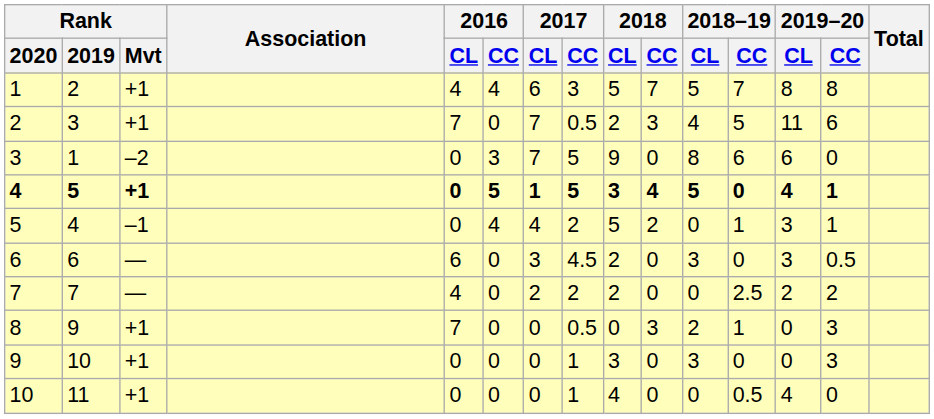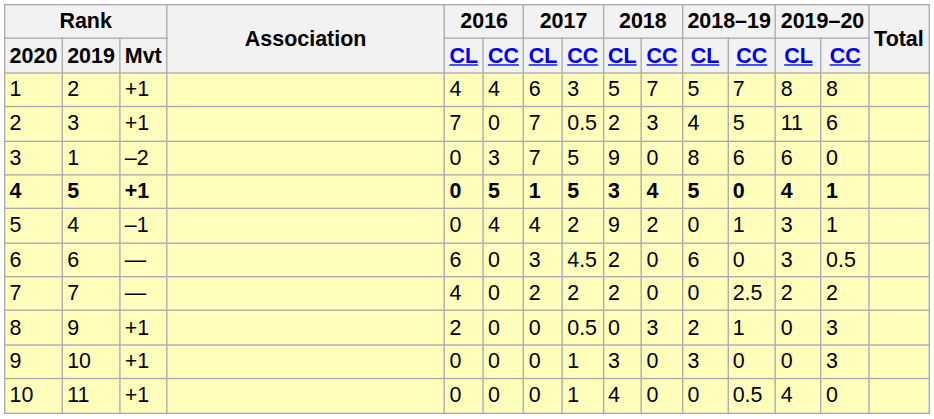 <table class="wikitable">
 <tr>
 <th colspan=3>Rank</th>
 <th rowspan=2 width=200>Association</th>
 <th colspan=2>2016<br></th>
 <th colspan=2>2017<br></th>
 <th colspan=2>2018<br></th>
 <th colspan=2>2018–19<br></th>
 <th colspan=2>2019–20<br></th>
 <th rowspan=2>Total</th>
 </tr>
 <tr>
 <th>2020</th>
 <th>2019</th>
 <th>Mvt</th>
 <th><a href='#'>CL</a></th>
 <th><a href='#'>CC</a></th>
 <th><a href='#'>CL</a></th>
 <th><a href='#'>CC</a></th>
 <th><a href='#'>CL</a></th>
 <th><a href='#'>CC</a></th>
 <th><a href='#'>CL</a></th>
 <th><a href='#'>CC</a></th>
 <th><a href='#'>CL</a></th>
 <th><a href='#'>CC</a></th>
 </tr>
 <tr bgcolor=#FFFFBB>
 <td>1</td>
 <td>2</td>
 <td> +1</td>
 <td align="left"></td>
 <td>4</td>
 <td>4</td>
 <td>6</td>
 <td>3</td>
 <td>5</td>
 <td>7</td>
 <td>5</td>
 <td>7</td>
 <td>8</td>
 <td>8</td>
 <td><strong></strong></td>
 </tr>
 <tr bgcolor=#FFFFBB>
 <td>2</td>
 <td>3</td>
 <td> +1</td>
 <td align=left></td>
 <td>7</td>
 <td>0</td>
 <td>7</td>
 <td>0.5</td>
 <td>2</td>
 <td>3</td>
 <td>4</td>
 <td>5</td>
 <td>11</td>
 <td>6</td>
 <td><strong></strong></td>
 </tr>
 <tr bgcolor=#FFFFBB>
 <td>3</td>
 <td>1</td>
 <td> –2</td>
 <td align="left"></td>
 <td>0</td>
 <td>3</td>
 <td>7</td>
 <td>5</td>
 <td>9</td>
 <td>0</td>
 <td>8</td>
 <td>6</td>
 <td>6</td>
 <td>0</td>
 <td><strong></strong></td>
 </tr>
 <tr bgcolor=#FFFFBB>
 <td><strong>4</strong></td>
 <td><strong>5</strong></td>
 <td><strong> +1</strong></td>
 <td align="left"><strong></strong></td>
 <td><strong>0</strong></td>
 <td><strong>5</strong></td>
 <td><strong>1</strong></td>
 <td><strong>5</strong></td>
 <td><strong>3</strong></td>
 <td><strong>4</strong></td>
 <td><strong>5</strong></td>
 <td><strong>0</strong></td>
 <td><strong>4</strong></td>
 <td><strong>1</strong></td>
 <td><strong></strong></td>
 </tr>
 <tr bgcolor=#FFFFBB>
 <td>5</td>
 <td>4</td>
 <td> –1</td>
 <td align=left></td>
 <td>0</td>
 <td>4</td>
 <td>4</td>
 <td>2</td>
-<td>5</td>
+<td>9</td>
 <td>2</td>
 <td>0</td>
 <td>1</td>
 <td>3</td>
 <td>1</td>
 <td><strong></strong></td>
 </tr>
 <tr bgcolor=#FFFFBB>
 <td>6</td>
 <td>6</td>
 <td> —</td>
 <td align=left></td>
 <td>6</td>
 <td>0</td>
 <td>3</td>
 <td>4.5</td>
 <td>2</td>
 <td>0</td>
-<td>3</td>
+<td>6</td>
 <td>0</td>
 <td>3</td>
 <td>0.5</td>
 <td><strong></strong></td>
 </tr>
 <tr bgcolor=#FFFFBB>
 <td>7</td>
 <td>7</td>
 <td> —</td>
 <td align=left></td>
 <td>4</td>
 <td>0</td>
 <td>2</td>
 <td>2</td>
 <td>2</td>
 <td>0</td>
 <td>0</td>
 <td>2.5</td>
 <td>2</td>
 <td>2</td>
 <td><strong></strong></td>
 </tr>
 <tr bgcolor=#FFFFBB>
 <td>8</td>
 <td>9</td>
 <td> +1</td>
 <td align=left></td>
-<td>7</td>
+<td>2</td>
 <td>0</td>
 <td>0</td>
 <td>0.5</td>
 <td>0</td>
 <td>3</td>
 <td>2</td>
 <td>1</td>
 <td>0</td>
 <td>3</td>
 <td><strong></strong></td>
 </tr>
 <tr bgcolor=#FFFFBB>
 <td>9</td>
 <td>10</td>
 <td> +1</td>
 <td align=left></td>
 <td>0</td>
 <td>0</td>
 <td>0</td>
 <td>1</td>
 <td>3</td>
 <td>0</td>
 <td>3</td>
 <td>0</td>
 <td>0</td>
 <td>3</td>
 <td><strong></strong></td>
 </tr>
 <tr bgcolor=#FFFFBB>
 <td>10</td>
 <td>11</td>
 <td> +1</td>
 <td align=left></td>
 <td>0</td>
 <td>0</td>
 <td>0</td>
 <td>1</td>
 <td>4</td>
 <td>0</td>
 <td>0</td>
 <td>0.5</td>
 <td>4</td>
 <td>0</td>
 <td><strong></strong></td>
 </tr>
 </table>
